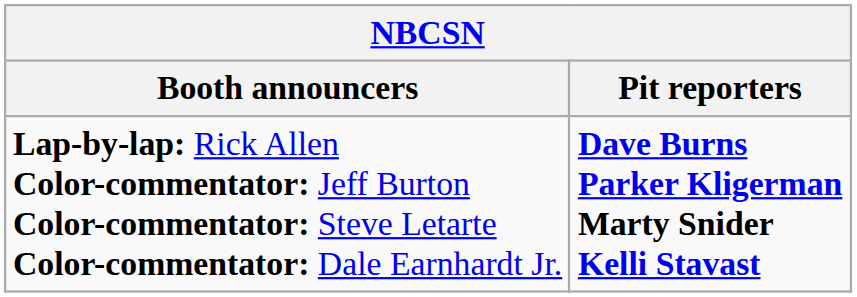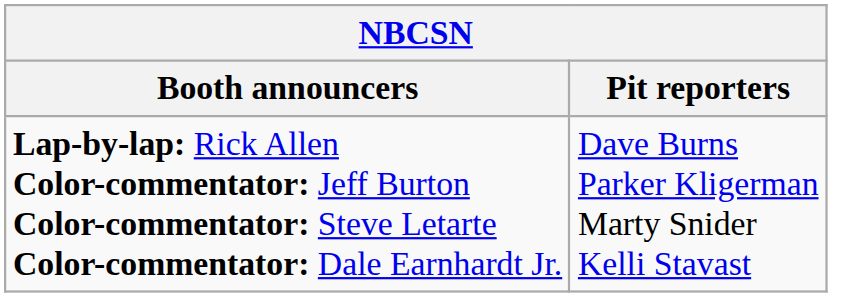 <table class="wikitable" style="font-size: 95%">
 <tr>
 <th colspan="2"><a href='#'>NBCSN</a></th>
 </tr>
 <tr>
 <th>Booth announcers</th>
 <th>Pit reporters</th>
 </tr>
 <tr>
 <td><strong>Lap-by-lap:</strong> <a href='#'>Rick Allen</a><br><strong>Color-commentator:</strong> <a href='#'>Jeff Burton</a><br><strong>Color-commentator:</strong> <a href='#'>Steve Letarte</a><br><strong>Color-commentator:</strong> <a href='#'>Dale Earnhardt Jr.</a></td>
-<td><strong><a href='#'>Dave Burns</a><br> <a href='#'>Parker Kligerman</a><br>Marty Snider<br><a href='#'>Kelli Stavast</a></strong></td>
+<td><a href='#'>Dave Burns</a><br> <a href='#'>Parker Kligerman</a><br>Marty Snider<br><a href='#'>Kelli Stavast</a></td>
 </tr>
 </table>
